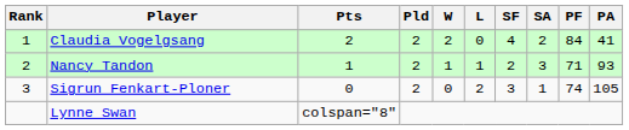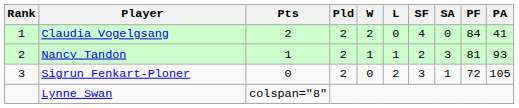 <table class=wikitable style="text-align:center; font-size:90%">
 <tr>
 <th width="20">Rank</th>
 <th width="200">Player</th>
 <th width="20">Pts</th>
 <th width="20">Pld</th>
 <th width="20">W</th>
 <th width="20">L</th>
 <th width="20">SF</th>
 <th width="20">SA</th>
 <th width="20">PF</th>
 <th width="20">PA</th>
 </tr>
 <tr bgcolor="#ccffcc">
 <td>1</td>
 <td style="text-align:left"> <a href='#'>Claudia Vogelgsang</a></td>
 <td>2</td>
 <td>2</td>
 <td>2</td>
 <td>0</td>
 <td>4</td>
-<td>2</td>
+<td>0</td>
 <td>84</td>
 <td>41</td>
 </tr>
 <tr bgcolor="#ccffcc">
 <td>2</td>
 <td style="text-align:left"> <a href='#'>Nancy Tandon</a></td>
 <td>1</td>
 <td>2</td>
 <td>1</td>
 <td>1</td>
 <td>2</td>
 <td>3</td>
-<td>71</td>
+<td>81</td>
 <td>93</td>
 </tr>
 <tr>
 <td>3</td>
 <td style="text-align:left"> <a href='#'>Sigrun Fenkart-Ploner</a></td>
 <td>0</td>
 <td>2</td>
 <td>0</td>
 <td>2</td>
 <td>3</td>
 <td>1</td>
-<td>74</td>
+<td>72</td>
 <td>105</td>
 </tr>
 <tr>
 <td></td>
 <td style="text-align:left"> <a href='#'>Lynne Swan</a></td>
 <td>colspan="8" </td>
 </tr>
 </table>
